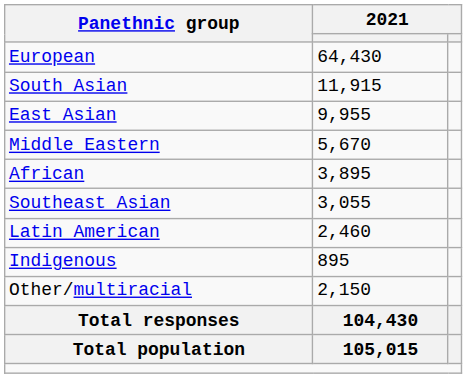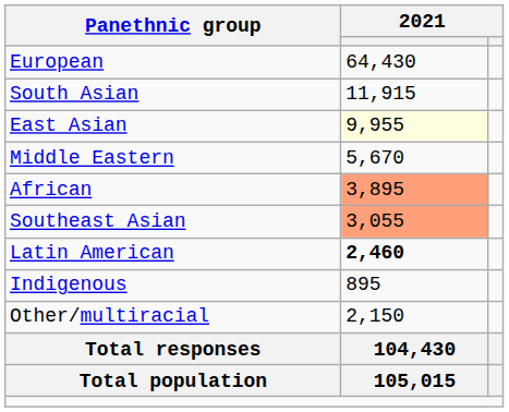 <table class="wikitable collapsible sortable">
 <tr>
 <th rowspan="2"><a href='#'>Panethnic</a> group</th>
 <th colspan="2">2021</th>
 </tr>
 <tr>
 <th><a href='#'></a></th>
 <th></th>
 </tr>
 <tr>
 <td><a href='#'>European</a></td>
 <td>64,430</td>
 <td></td>
 </tr>
 <tr>
 <td><a href='#'>South Asian</a></td>
 <td>11,915</td>
 <td></td>
 </tr>
 <tr>
 <td><a href='#'>East Asian</a></td>
-<td>9,955</td>
+<td style="background: lightyellow;">9,955</td>
 <td></td>
 </tr>
 <tr>
 <td><a href='#'>Middle Eastern</a></td>
 <td>5,670</td>
 <td></td>
 </tr>
 <tr>
 <td><a href='#'>African</a></td>
-<td>3,895</td>
+<td style="background: lightsalmon;">3,895</td>
 <td></td>
 </tr>
 <tr>
 <td><a href='#'>Southeast Asian</a></td>
-<td>3,055</td>
+<td style="background: lightsalmon;">3,055</td>
 <td></td>
 </tr>
 <tr>
 <td><a href='#'>Latin American</a></td>
-<td>2,460</td>
+<td><strong>2,460</strong></td>
 <td></td>
 </tr>
 <tr>
 <td><a href='#'>Indigenous</a></td>
 <td>895</td>
 <td></td>
 </tr>
 <tr>
 <td>Other/<a href='#'>multiracial</a></td>
 <td>2,150</td>
 <td></td>
 </tr>
 <tr>
 <th>Total responses</th>
 <th>104,430</th>
 <th></th>
 </tr>
 <tr class="sortbottom">
 <th>Total population</th>
 <th>105,015</th>
 <th></th>
 </tr>
 <tr class="sortbottom">
 <td colspan="15" style="width: 25em;"></td>
 </tr>
 </table>
